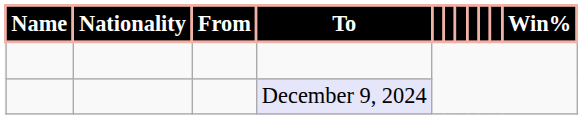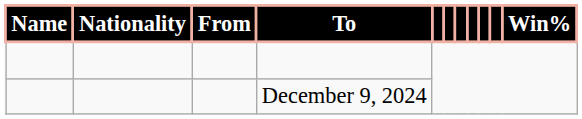 <table class="wikitable" style="text-align: center;">
 <tr>
 <th style="background:#000000; color:#FFFFFF; border:2px solid #F1B1A5;" scope="col">Name</th>
 <th style="background:#000000; color:#FFFFFF; border:2px solid #F1B1A5;" scope="col">Nationality</th>
 <th style="background:#000000; color:#FFFFFF; border:2px solid #F1B1A5;" scope="col">From</th>
 <th style="background:#000000; color:#FFFFFF; border:2px solid #F1B1A5;" scope="col">To</th>
 <th style="background:#000000; color:#FFFFFF; border:2px solid #F1B1A5;" scope="col"></th>
 <th style="background:#000000; color:#FFFFFF; border:2px solid #F1B1A5;" scope="col"></th>
 <th style="background:#000000; color:#FFFFFF; border:2px solid #F1B1A5;" scope="col"></th>
 <th style="background:#000000; color:#FFFFFF; border:2px solid #F1B1A5;" scope="col"></th>
 <th style="background:#000000; color:#FFFFFF; border:2px solid #F1B1A5;" scope="col"></th>
 <th style="background:#000000; color:#FFFFFF; border:2px solid #F1B1A5;" scope="col"></th>
 <th style="background:#000000; color:#FFFFFF; border:2px solid #F1B1A5;" scope="col">Win%</th>
 </tr>
 <tr>
 <td></td>
 <td></td>
 <td></td>
 <td><br></td>
 </tr>
 <tr>
 <td></td>
 <td></td>
 <td></td>
-<td style="background: lavender;">December 9, 2024<br></td>
+<td>December 9, 2024<br></td>
 </tr>
 </table>
